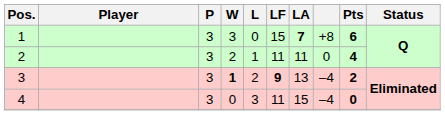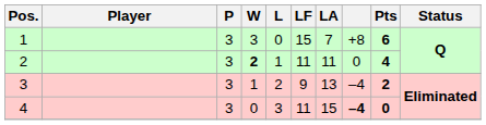 <table class="wikitable" style="text-align:center; margin: 1em auto 1em auto, align:left">
 <tr>
 <th width=20>Pos.</th>
 <th width=185>Player</th>
 <th width=20>P</th>
 <th width=20>W</th>
 <th width=20>L</th>
 <th width=20>LF</th>
 <th width=20>LA</th>
 <th width=25></th>
 <th width=20>Pts</th>
 <th width=70>Status</th>
 </tr>
 <tr style="background:#CCFFCC;">
 <td>1</td>
 <td style="text-align:left"></td>
 <td>3</td>
 <td>3</td>
 <td>0</td>
 <td>15</td>
-<td><strong>7</strong></td>
+<td>7</td>
 <td>+8</td>
 <td><strong>6</strong></td>
 <td rowspan=2><strong>Q</strong></td>
 </tr>
 <tr style="background:#CCFFCC;">
 <td>2</td>
 <td style="text-align:left"></td>
 <td>3</td>
-<td>2</td>
+<td><strong>2</strong></td>
 <td>1</td>
 <td>11</td>
 <td>11</td>
 <td>0</td>
 <td><strong>4</strong></td>
 </tr>
 <tr style="background:#FFccCC;">
 <td>3</td>
 <td style="text-align:left"></td>
 <td>3</td>
-<td><strong>1</strong></td>
+<td>1</td>
 <td>2</td>
-<td><strong>9</strong></td>
+<td>9</td>
 <td>13</td>
 <td>–4</td>
 <td><strong>2</strong></td>
 <td Rowspan=2><strong>Eliminated</strong></td>
 </tr>
 <tr style="background:#FFccCC;">
 <td>4</td>
 <td style="text-align:left"></td>
 <td>3</td>
 <td>0</td>
 <td>3</td>
 <td>11</td>
 <td>15</td>
-<td>–4</td>
+<td><strong>–4</strong></td>
 <td><strong>0</strong></td>
 </tr>
 <tr>
 </tr>
 </table>
